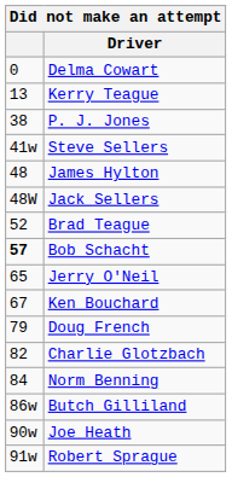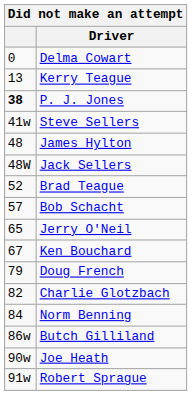 <table class="wikitable" style="font-size: 90%;">
 <tr>
 <th colspan=4>Did not make an attempt</th>
 </tr>
 <tr>
 <th></th>
 <th>Driver</th>
 </tr>
 <tr>
 <td>0</td>
 <td><a href='#'>Delma Cowart</a></td>
 </tr>
 <tr>
 <td>13</td>
 <td><a href='#'>Kerry Teague</a></td>
 </tr>
 <tr>
-<td>38</td>
+<td><strong>38</strong></td>
 <td><a href='#'>P. J. Jones</a></td>
 </tr>
 <tr>
 <td>41w</td>
 <td><a href='#'>Steve Sellers</a></td>
 </tr>
 <tr>
 <td>48</td>
 <td><a href='#'>James Hylton</a></td>
 </tr>
 <tr>
 <td>48W</td>
 <td><a href='#'>Jack Sellers</a></td>
 </tr>
 <tr>
 <td>52</td>
 <td><a href='#'>Brad Teague</a></td>
 </tr>
 <tr>
-<td><strong>57</strong></td>
+<td>57</td>
 <td><a href='#'>Bob Schacht</a></td>
 </tr>
 <tr>
 <td>65</td>
 <td><a href='#'>Jerry O'Neil</a></td>
 </tr>
 <tr>
 <td>67</td>
 <td><a href='#'>Ken Bouchard</a></td>
 </tr>
 <tr>
 <td>79</td>
 <td><a href='#'>Doug French</a></td>
 </tr>
 <tr>
 <td>82</td>
 <td><a href='#'>Charlie Glotzbach</a></td>
 </tr>
 <tr>
 <td>84</td>
 <td><a href='#'>Norm Benning</a></td>
 </tr>
 <tr>
 <td>86w</td>
 <td><a href='#'>Butch Gilliland</a></td>
 </tr>
 <tr>
 <td>90w</td>
 <td><a href='#'>Joe Heath</a></td>
 </tr>
 <tr>
 <td>91w</td>
 <td><a href='#'>Robert Sprague</a></td>
 </tr>
 </table>
